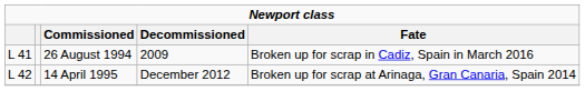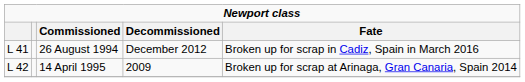 <table class="collapsible wikitable">
 <tr>
 <td align=center colspan=5><strong><em>Newport<em> class<strong></td>
 </tr>
 <tr>
 <th></th>
 <th></th>
 <th>Commissioned</th>
 <th>Decommissioned</th>
 <th>Fate</th>
 </tr>
 <tr>
 <td>L 41</td>
 <td></td>
 <td>26 August 1994</td>
-<td>2009</td>
+<td>December 2012</td>
 <td>Broken up for scrap in <a href='#'>Cadiz</a>, Spain in March 2016</td>
 </tr>
 <tr>
 <td>L 42</td>
 <td></td>
 <td>14 April 1995</td>
-<td>December 2012</td>
+<td>2009</td>
 <td>Broken up for scrap at Arinaga, <a href='#'>Gran Canaria</a>, Spain 2014</td>
 </tr>
 <tr>
 </tr>
 </table>
